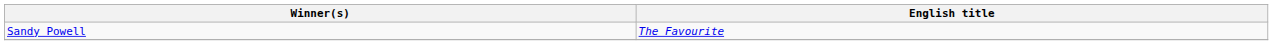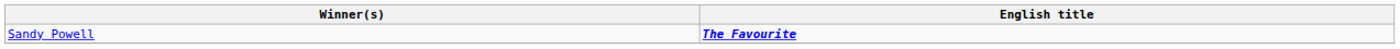 <table class="wikitable" width="95%" cellpadding="5">
 <tr>
 <th width="18%">Winner(s)</th>
 <th width="18%">English title</th>
 </tr>
 <tr>
 <td>  <a href='#'>Sandy Powell</a></td>
-<td><em><a href='#'>The Favourite</a></em></td>
+<td><strong><em><a href='#'>The Favourite</a></em></strong></td>
 </tr>
 <tr>
 </tr>
 </table>
